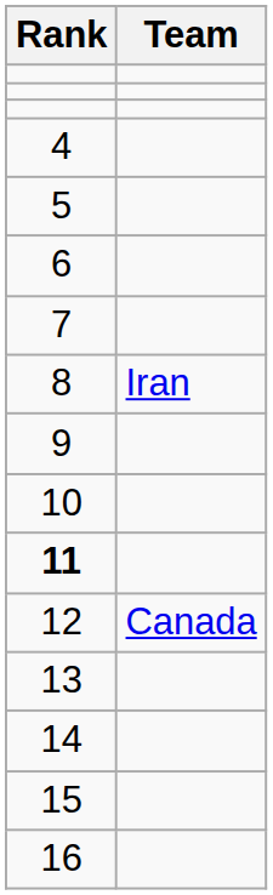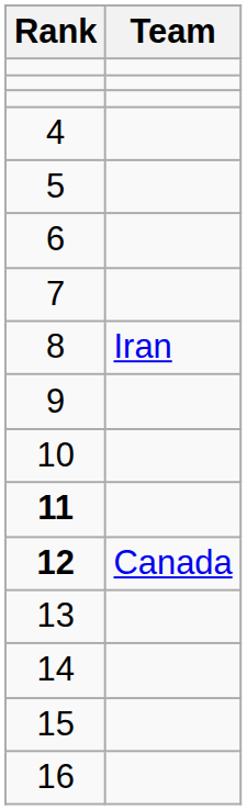 <table class="wikitable" style="text-align: center;">
 <tr>
 <th width=40>Rank</th>
 <th>Team</th>
 </tr>
 <tr>
 <td></td>
 <td align=left></td>
 </tr>
 <tr>
 <td></td>
 <td align=left></td>
 </tr>
 <tr>
 <td></td>
 <td align=left></td>
 </tr>
 <tr>
 <td>4</td>
 <td align=left></td>
 </tr>
 <tr>
 <td>5</td>
 <td align=left></td>
 </tr>
 <tr>
 <td>6</td>
 <td align=left></td>
 </tr>
 <tr>
 <td>7</td>
 <td align=left></td>
 </tr>
 <tr>
 <td>8</td>
 <td align=left> <a href='#'>Iran</a></td>
 </tr>
 <tr>
 <td>9</td>
 <td align=left></td>
 </tr>
 <tr>
 <td>10</td>
 <td align=left></td>
 </tr>
 <tr>
 <td><strong>11</strong></td>
 <td align=left></td>
 </tr>
 <tr>
-<td>12</td>
+<td><strong>12</strong></td>
 <td align=left> <a href='#'>Canada</a></td>
 </tr>
 <tr>
 <td>13</td>
 <td align=left></td>
 </tr>
 <tr>
 <td>14</td>
 <td align=left></td>
 </tr>
 <tr>
 <td>15</td>
 <td align=left></td>
 </tr>
 <tr>
 <td>16</td>
 <td align=left></td>
 </tr>
 </table>
